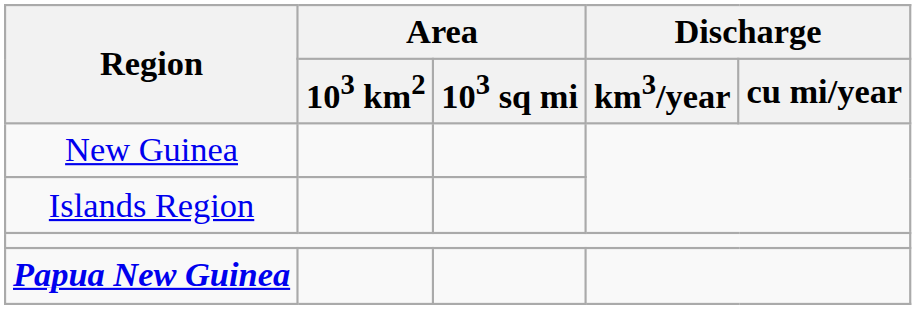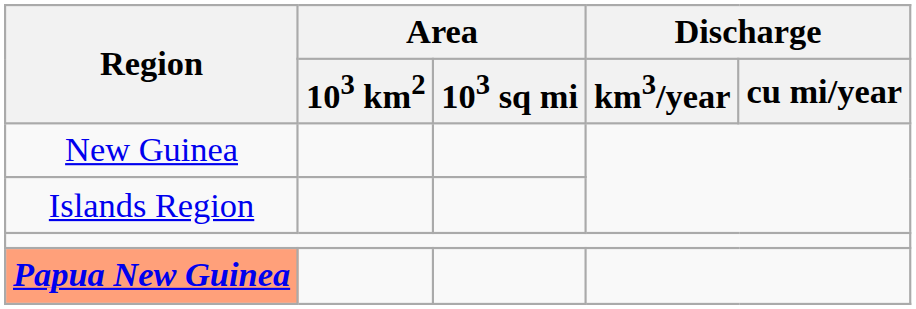 <table class="wikitable" style="text-align:center;">
 <tr>
 <th rowspan=2>Region</th>
 <th colspan=2>Area</th>
 <th colspan=2>Discharge</th>
 </tr>
 <tr>
 <th>10<sup>3</sup> km<sup>2</sup></th>
 <th>10<sup>3</sup> sq mi</th>
 <th>km<sup>3</sup>/year</th>
 <th>cu mi/year</th>
 </tr>
 <tr>
 <td><a href='#'>New Guinea</a></td>
 <td></td>
 <td></td>
 </tr>
 <tr>
 <td><a href='#'>Islands Region</a></td>
 <td></td>
 <td></td>
 </tr>
 <tr>
 <td colspan="5"></td>
 </tr>
 <tr>
-<td><strong><em><a href='#'>Papua New Guinea</a></em></strong></td>
+<td style="background: lightsalmon;"><strong><em><a href='#'>Papua New Guinea</a></em></strong></td>
 <td></td>
 <td></td>
 </tr>
 </table>
